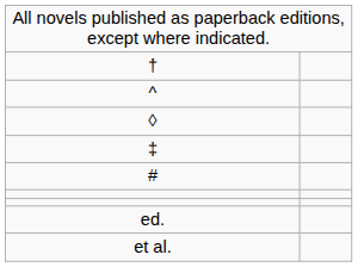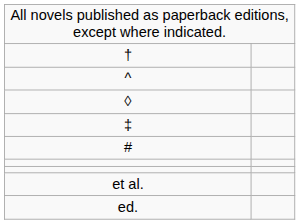 <table class="wikitable floatright" style="text-align: center; width: 20em;">
 <tr>
 <td colspan="2">All novels published as paperback editions, except where indicated.</td>
 </tr>
 <tr>
 <td>†</td>
 <td></td>
 </tr>
 <tr>
 <td>^</td>
 <td></td>
 </tr>
 <tr>
 <td>◊</td>
 <td></td>
 </tr>
 <tr>
 <td>‡</td>
 <td></td>
 </tr>
 <tr>
 <td>#</td>
 <td></td>
 </tr>
 <tr>
 <td><em></em></td>
 <td></td>
 </tr>
 <tr>
 <td><em></em></td>
 <td></td>
 </tr>
 <tr>
+<td>et al.</td>
+<td></td>
+</tr>
+<tr>
 <td>ed.</td>
 <td></td>
 </tr>
-<tr>
-<td>et al.</td>
-<td></td>
-</tr>
 </table>
